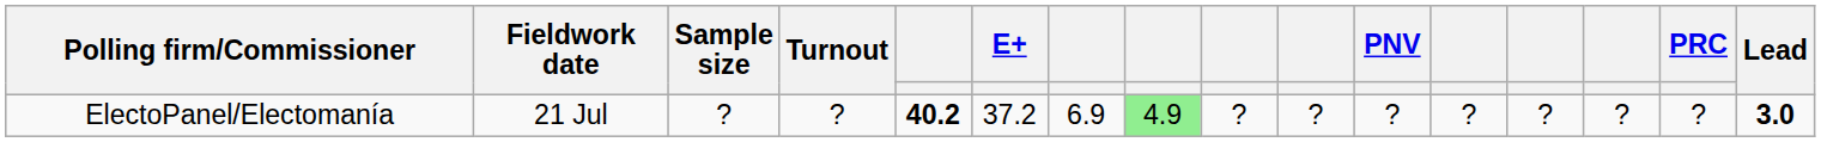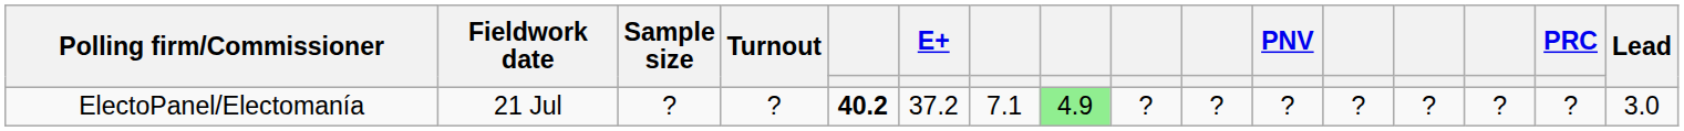 <table class="wikitable collapsible collapsed" style="text-align:center; font-size:95%; line-height:16px;">
 <tr style="height:42px;">
 <th style="width:250px;" rowspan="2">Polling firm/Commissioner</th>
 <th style="width:100px;" rowspan="2">Fieldwork date</th>
 <th style="width:50px;" rowspan="2">Sample size</th>
 <th style="width:50px;" rowspan="2">Turnout</th>
 <th style="width:35px;"> </th>
 <th style="width:35px;"><a href='#'>E+</a></th>
 <th style="width:35px;"></th>
 <th style="width:35px;"></th>
 <th style="width:35px;"></th>
 <th style="width:35px;"></th>
 <th style="width:35px;"><a href='#'>PNV</a></th>
 <th style="width:35px;"></th>
 <th style="width:35px;"></th>
 <th style="width:35px;"></th>
 <th style="width:35px;"><a href='#'>PRC</a></th>
 <th style="width:30px;" rowspan="2">Lead</th>
 </tr>
 <tr>
 <th style="color:inherit;background:"></th>
 <th style="color:inherit;background:"></th>
 <th style="color:inherit;background:"></th>
 <th style="color:inherit;background:"></th>
 <th style="color:inherit;background:"></th>
 <th style="color:inherit;background:"></th>
 <th style="color:inherit;background:"></th>
 <th style="color:inherit;background:"></th>
 <th style="color:inherit;background:"></th>
 <th style="color:inherit;background:"></th>
 <th style="color:inherit;background:"></th>
 </tr>
 <tr>
 <td>ElectoPanel/Electomanía</td>
 <td>21 Jul</td>
 <td>?</td>
 <td>?</td>
 <td><strong>40.2</strong><br></td>
 <td>37.2<br></td>
-<td>6.9<br></td>
+<td>7.1<br></td>
 <td style="background: lightgreen;">4.9<br></td>
 <td>?<br></td>
 <td>?<br></td>
 <td>?<br></td>
 <td>?<br></td>
 <td>?<br></td>
 <td>?<br></td>
 <td>?<br></td>
-<td style="background:"><strong>3.0</strong></td>
+<td style="background:">3.0</td>
 </tr>
 </table>
